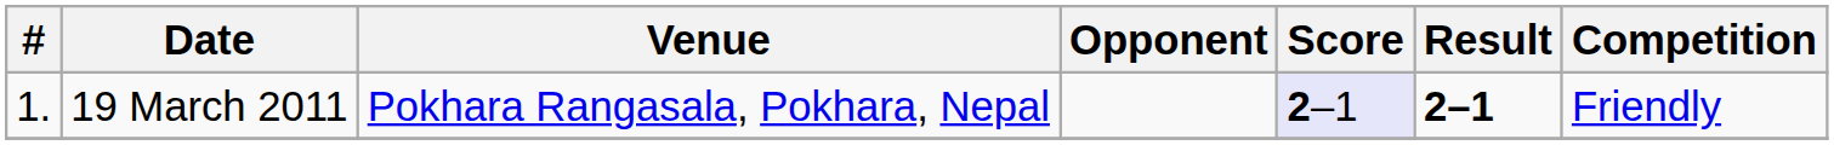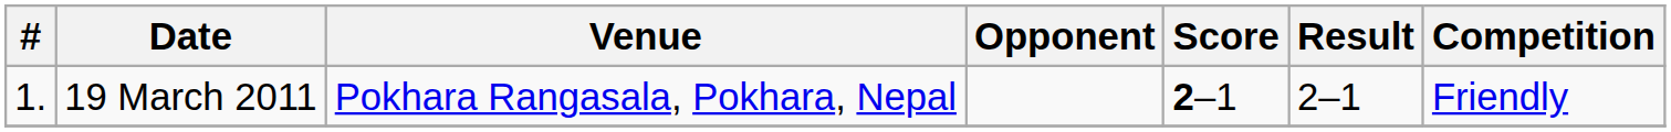 <table class="wikitable" style="font-size:95%;">
 <tr>
 <th>#</th>
 <th>Date</th>
 <th>Venue</th>
 <th>Opponent</th>
 <th>Score</th>
 <th>Result</th>
 <th>Competition</th>
 </tr>
 <tr>
 <td>1.</td>
 <td>19 March 2011</td>
 <td><a href='#'>Pokhara Rangasala</a>, <a href='#'>Pokhara</a>, <a href='#'>Nepal</a></td>
 <td></td>
-<td style="background: lavender;"><strong>2</strong>–1</td>
-<td><strong>2–1</strong></td>
+<td><strong>2</strong>–1</td>
+<td>2–1</td>
 <td><a href='#'>Friendly</a></td>
 </tr>
 <tr>
 </tr>
 </table>
